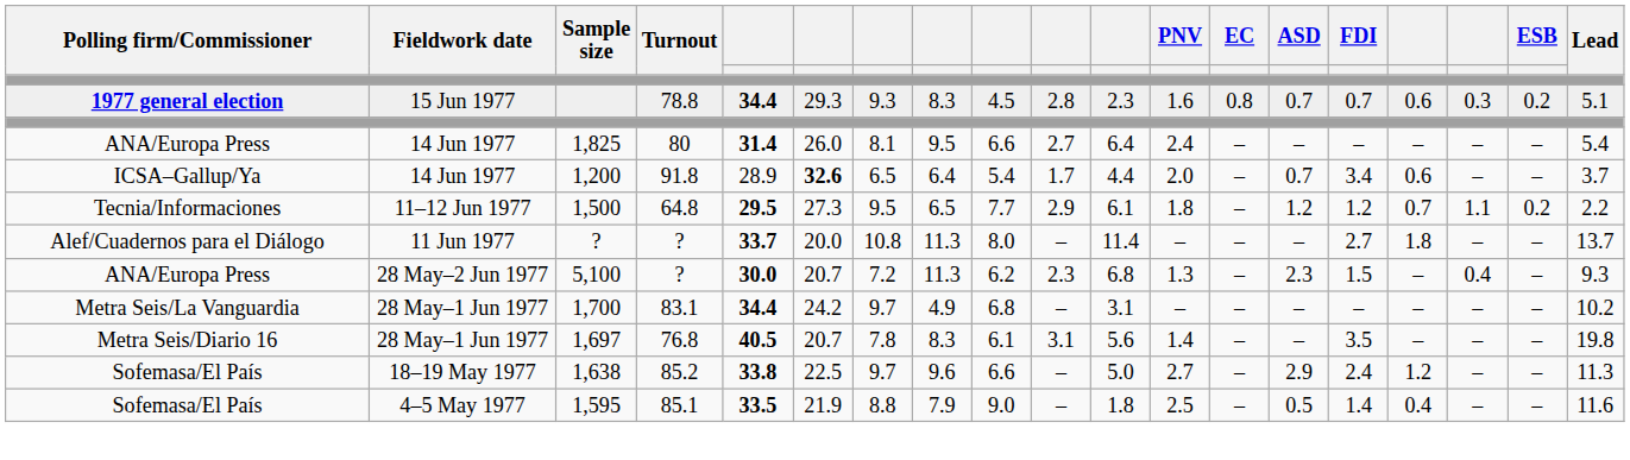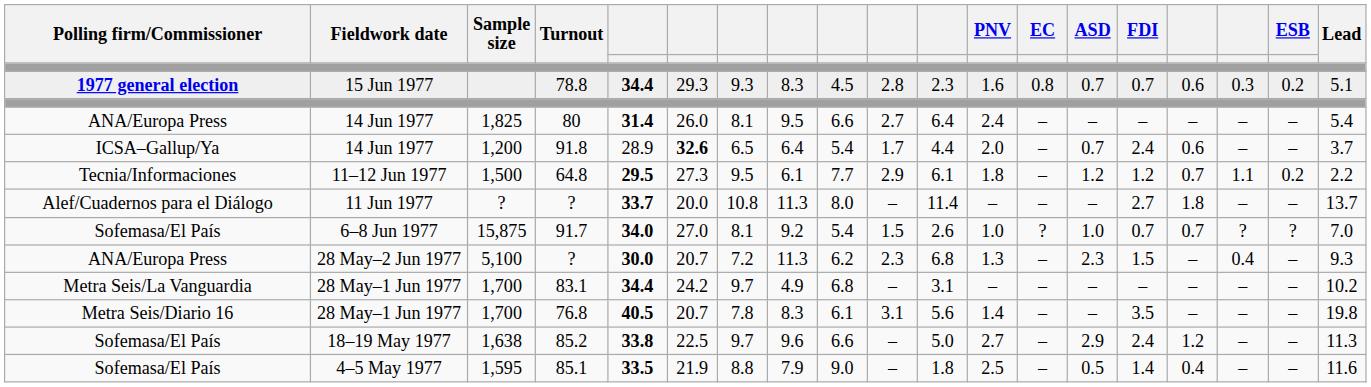 <table class="wikitable collapsible" style="text-align:center; font-size:95%; line-height:16px;">
 <tr style="height:42px;">
 <th style="width:250px;" rowspan="2">Polling firm/Commissioner</th>
 <th style="width:125px;" rowspan="2">Fieldwork date</th>
 <th style="width:50px;" rowspan="2">Sample size</th>
 <th style="width:45px;" rowspan="2">Turnout</th>
 <th style="width:43px;"></th>
 <th style="width:35px;"></th>
 <th style="width:35px;"></th>
 <th style="width:35px;"></th>
 <th style="width:35px;"></th>
 <th style="width:35px;"></th>
 <th style="width:35px;"></th>
 <th style="width:35px;"><a href='#'>PNV</a></th>
 <th style="width:35px;"><a href='#'>EC</a></th>
 <th style="width:35px;"><a href='#'>ASD</a></th>
 <th style="width:35px;"><a href='#'>FDI</a></th>
 <th style="width:35px;"></th>
 <th style="width:35px;"></th>
 <th style="width:35px;"><a href='#'>ESB</a></th>
 <th style="width:30px;" rowspan="2">Lead</th>
 </tr>
 <tr>
 <th style="color:inherit;background:"></th>
 <th style="color:inherit;background:"></th>
 <th style="color:inherit;background:"></th>
 <th style="color:inherit;background:"></th>
 <th style="color:inherit;background:"></th>
 <th style="color:inherit;background:"></th>
 <th style="color:inherit;background:"></th>
 <th style="color:inherit;background:"></th>
 <th style="color:inherit;background:"></th>
 <th style="color:inherit;background:"></th>
 <th style="color:inherit;background:"></th>
 <th style="color:inherit;background:"></th>
 <th style="color:inherit;background:"></th>
 <th style="color:inherit;background:"></th>
 </tr>
 <tr>
 <td colspan="19" style="background:#A0A0A0"></td>
 </tr>
 <tr style="background:#EFEFEF;">
 <td><strong><a href='#'>1977 general election</a></strong></td>
 <td>15 Jun 1977</td>
 <td></td>
 <td>78.8</td>
 <td><strong>34.4</strong><br></td>
 <td>29.3<br></td>
 <td>9.3<br></td>
 <td>8.3<br></td>
 <td>4.5<br></td>
 <td>2.8<br></td>
 <td>2.3<br></td>
 <td>1.6<br></td>
 <td>0.8<br></td>
 <td>0.7<br></td>
 <td>0.7<br></td>
 <td>0.6<br></td>
 <td>0.3<br></td>
 <td>0.2<br></td>
 <td style="background:">5.1</td>
 </tr>
 <tr>
 <td colspan="19" style="background:#A0A0A0"></td>
 </tr>
 <tr>
 <td>ANA/Europa Press</td>
 <td>14 Jun 1977</td>
 <td>1,825</td>
 <td>80</td>
 <td><strong>31.4</strong><br></td>
 <td>26.0<br></td>
 <td>8.1<br></td>
 <td>9.5<br></td>
 <td>6.6<br></td>
 <td>2.7</td>
 <td>6.4<br></td>
 <td>2.4<br></td>
 <td>–</td>
 <td>–</td>
 <td>–</td>
 <td>–</td>
 <td>–</td>
 <td>–</td>
 <td style="background:">5.4</td>
 </tr>
 <tr>
 <td>ICSA–Gallup/Ya</td>
 <td>14 Jun 1977</td>
 <td>1,200</td>
 <td>91.8</td>
 <td>28.9</td>
 <td><strong>32.6</strong></td>
 <td>6.5</td>
 <td>6.4</td>
 <td>5.4</td>
 <td>1.7<br></td>
 <td>4.4</td>
 <td>2.0</td>
 <td>–</td>
 <td>0.7</td>
-<td>3.4</td>
+<td>2.4</td>
 <td>0.6</td>
 <td>–</td>
 <td>–</td>
 <td style="background:">3.7</td>
 </tr>
 <tr>
 <td>Tecnia/Informaciones</td>
 <td>11–12 Jun 1977</td>
 <td>1,500</td>
 <td>64.8</td>
 <td><strong>29.5</strong></td>
 <td>27.3</td>
 <td>9.5</td>
-<td>6.5</td>
+<td>6.1</td>
 <td>7.7</td>
 <td>2.9</td>
 <td>6.1</td>
 <td>1.8</td>
 <td>–</td>
 <td>1.2</td>
 <td>1.2</td>
 <td>0.7</td>
 <td>1.1</td>
 <td>0.2</td>
 <td style="background:">2.2</td>
 </tr>
 <tr>
 <td>Alef/Cuadernos para el Diálogo</td>
 <td>11 Jun 1977</td>
 <td>?</td>
 <td>?</td>
 <td><strong>33.7</strong></td>
 <td>20.0</td>
 <td>10.8</td>
 <td>11.3</td>
 <td>8.0</td>
 <td>–</td>
 <td>11.4</td>
 <td>–</td>
 <td>–</td>
 <td>–</td>
 <td>2.7</td>
 <td>1.8</td>
 <td>–</td>
 <td>–</td>
 <td style="background:">13.7</td>
+</tr>
+<tr>
+<td>Sofemasa/El País</td>
+<td>6–8 Jun 1977</td>
+<td>15,875</td>
+<td>91.7</td>
+<td><strong>34.0</strong><br></td>
+<td>27.0<br></td>
+<td>8.1<br></td>
+<td>9.2<br></td>
+<td>5.4<br></td>
+<td>1.5<br></td>
+<td>2.6<br></td>
+<td>1.0<br></td>
+<td>?<br></td>
+<td>1.0<br></td>
+<td>0.7<br></td>
+<td>0.7<br></td>
+<td>?<br></td>
+<td>?<br></td>
+<td style="background:">7.0</td>
 </tr>
 <tr>
 <td>ANA/Europa Press</td>
 <td>28 May–2 Jun 1977</td>
 <td>5,100</td>
 <td>?</td>
 <td><strong>30.0</strong><br></td>
 <td>20.7<br></td>
 <td>7.2<br></td>
 <td>11.3<br></td>
 <td>6.2<br></td>
 <td>2.3<br></td>
 <td>6.8<br></td>
 <td>1.3<br></td>
 <td>–</td>
 <td>2.3<br></td>
 <td>1.5<br></td>
 <td>–</td>
 <td>0.4<br></td>
 <td>–</td>
 <td style="background:">9.3</td>
 </tr>
 <tr>
 <td>Metra Seis/La Vanguardia</td>
 <td>28 May–1 Jun 1977</td>
 <td>1,700</td>
 <td>83.1</td>
 <td><strong>34.4</strong></td>
 <td>24.2</td>
 <td>9.7</td>
 <td>4.9</td>
 <td>6.8</td>
 <td>–</td>
 <td>3.1</td>
 <td>–</td>
 <td>–</td>
 <td>–</td>
 <td>–</td>
 <td>–</td>
 <td>–</td>
 <td>–</td>
 <td style="background:">10.2</td>
 </tr>
 <tr>
 <td>Metra Seis/Diario 16</td>
 <td>28 May–1 Jun 1977</td>
-<td>1,697</td>
+<td>1,700</td>
 <td>76.8</td>
 <td><strong>40.5</strong></td>
 <td>20.7</td>
 <td>7.8</td>
 <td>8.3</td>
 <td>6.1</td>
 <td>3.1</td>
 <td>5.6</td>
 <td>1.4</td>
 <td>–</td>
 <td>–</td>
 <td>3.5</td>
 <td>–</td>
 <td>–</td>
 <td>–</td>
 <td style="background:">19.8</td>
 </tr>
 <tr>
 <td>Sofemasa/El País</td>
 <td>18–19 May 1977</td>
 <td>1,638</td>
 <td>85.2</td>
 <td><strong>33.8</strong></td>
 <td>22.5</td>
 <td>9.7</td>
 <td>9.6</td>
 <td>6.6</td>
 <td>–</td>
 <td>5.0</td>
 <td>2.7</td>
 <td>–</td>
 <td>2.9</td>
 <td>2.4</td>
 <td>1.2</td>
 <td>–</td>
 <td>–</td>
 <td style="background:">11.3</td>
 </tr>
 <tr>
 <td>Sofemasa/El País</td>
 <td>4–5 May 1977</td>
 <td>1,595</td>
 <td>85.1</td>
 <td><strong>33.5</strong></td>
 <td>21.9</td>
 <td>8.8</td>
 <td>7.9</td>
 <td>9.0</td>
 <td>–</td>
 <td>1.8</td>
 <td>2.5</td>
 <td>–</td>
 <td>0.5</td>
 <td>1.4</td>
 <td>0.4</td>
 <td>–</td>
 <td>–</td>
 <td style="background:">11.6</td>
 </tr>
 </table>
